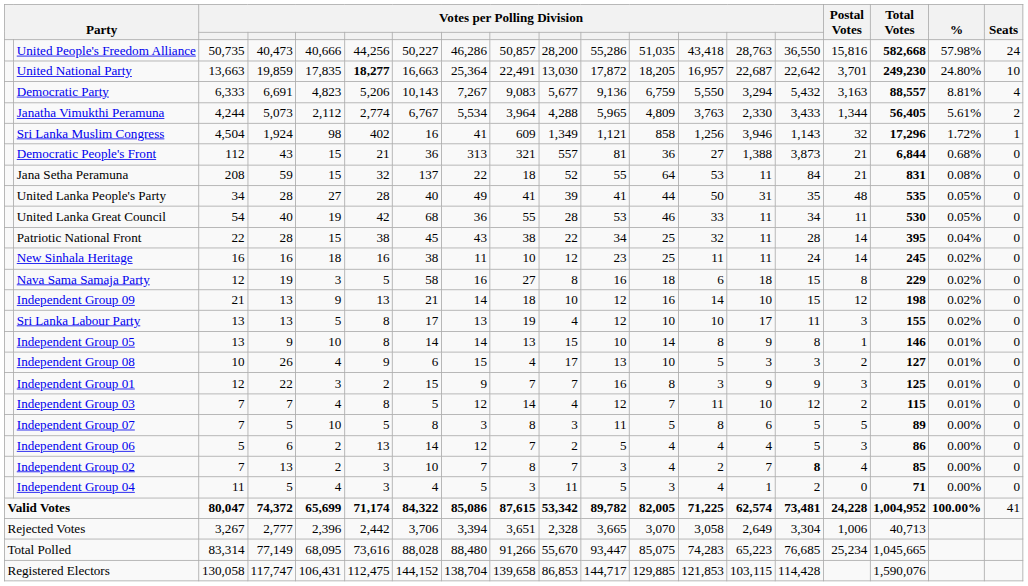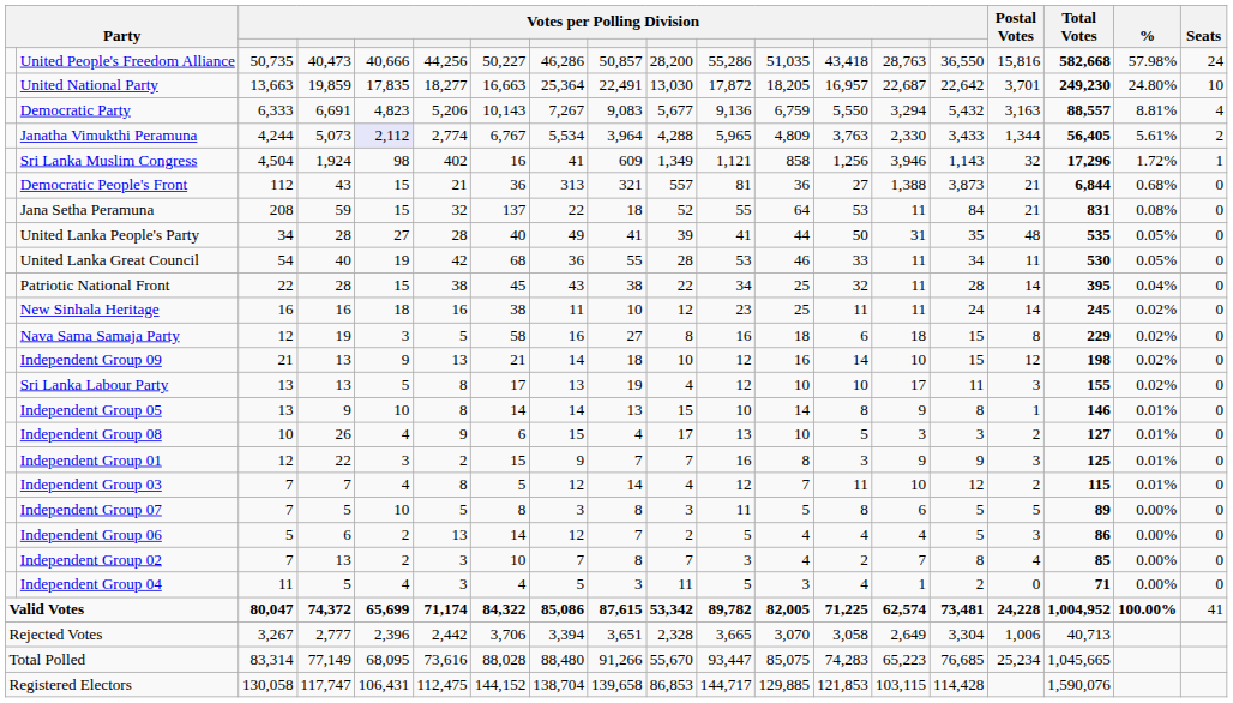 <table class="wikitable" border="1" style="text-align:right;">
 <tr>
 <th align=left valign=bottom rowspan=2 colspan=2>Party</th>
 <th colspan=13>Votes per Polling Division</th>
 <th align=center valign=bottom rowspan=2 width="50">Postal<br>Votes</th>
 <th align=center valign=bottom rowspan=2 width="50">Total Votes</th>
 <th align=center valign=bottom rowspan=2 width="50">%</th>
 <th align=center valign=bottom rowspan=2 width="40">Seats</th>
 </tr>
 <tr>
 <th></th>
 <th></th>
 <th></th>
 <th></th>
 <th></th>
 <th></th>
 <th></th>
 <th></th>
 <th></th>
 <th></th>
 <th></th>
 <th></th>
 <th></th>
 </tr>
 <tr>
 <td bgcolor=> </td>
 <td align=left><a href='#'>United People's Freedom Alliance</a></td>
 <td>50,735</td>
 <td>40,473</td>
 <td>40,666</td>
 <td>44,256</td>
 <td>50,227</td>
 <td>46,286</td>
 <td>50,857</td>
 <td>28,200</td>
 <td>55,286</td>
 <td>51,035</td>
 <td>43,418</td>
 <td>28,763</td>
 <td>36,550</td>
 <td>15,816</td>
 <td><strong>582,668</strong></td>
 <td>57.98%</td>
 <td>24</td>
 </tr>
 <tr>
 <td bgcolor=> </td>
 <td align=left><a href='#'>United National Party</a></td>
 <td>13,663</td>
 <td>19,859</td>
 <td>17,835</td>
-<td><strong>18,277</strong></td>
+<td>18,277</td>
 <td>16,663</td>
 <td>25,364</td>
 <td>22,491</td>
 <td>13,030</td>
 <td>17,872</td>
 <td>18,205</td>
 <td>16,957</td>
 <td>22,687</td>
 <td>22,642</td>
 <td>3,701</td>
 <td><strong>249,230</strong></td>
 <td>24.80%</td>
 <td>10</td>
 </tr>
 <tr>
 <td bgcolor=> </td>
 <td align=left><a href='#'>Democratic Party</a></td>
 <td>6,333</td>
 <td>6,691</td>
 <td>4,823</td>
 <td>5,206</td>
 <td>10,143</td>
 <td>7,267</td>
 <td>9,083</td>
 <td>5,677</td>
 <td>9,136</td>
 <td>6,759</td>
 <td>5,550</td>
 <td>3,294</td>
 <td>5,432</td>
 <td>3,163</td>
 <td><strong>88,557</strong></td>
 <td>8.81%</td>
 <td>4</td>
 </tr>
 <tr>
 <td bgcolor=> </td>
 <td align=left><a href='#'>Janatha Vimukthi Peramuna</a></td>
 <td>4,244</td>
 <td>5,073</td>
-<td>2,112</td>
+<td style="background: lavender;">2,112</td>
 <td>2,774</td>
 <td>6,767</td>
 <td>5,534</td>
 <td>3,964</td>
 <td>4,288</td>
 <td>5,965</td>
 <td>4,809</td>
 <td>3,763</td>
 <td>2,330</td>
 <td>3,433</td>
 <td>1,344</td>
 <td><strong>56,405</strong></td>
 <td>5.61%</td>
 <td>2</td>
 </tr>
 <tr>
 <td bgcolor=> </td>
 <td align=left><a href='#'>Sri Lanka Muslim Congress</a></td>
 <td>4,504</td>
 <td>1,924</td>
 <td>98</td>
 <td>402</td>
 <td>16</td>
 <td>41</td>
 <td>609</td>
 <td>1,349</td>
 <td>1,121</td>
 <td>858</td>
 <td>1,256</td>
 <td>3,946</td>
 <td>1,143</td>
 <td>32</td>
 <td><strong>17,296</strong></td>
 <td>1.72%</td>
 <td>1</td>
 </tr>
 <tr>
 <td bgcolor=> </td>
 <td align=left><a href='#'>Democratic People's Front</a></td>
 <td>112</td>
 <td>43</td>
 <td>15</td>
 <td>21</td>
 <td>36</td>
 <td>313</td>
 <td>321</td>
 <td>557</td>
 <td>81</td>
 <td>36</td>
 <td>27</td>
 <td>1,388</td>
 <td>3,873</td>
 <td>21</td>
 <td><strong>6,844</strong></td>
 <td>0.68%</td>
 <td>0</td>
 </tr>
 <tr>
 <td bgcolor=> </td>
 <td align=left>Jana Setha Peramuna</td>
 <td>208</td>
 <td>59</td>
 <td>15</td>
 <td>32</td>
 <td>137</td>
 <td>22</td>
 <td>18</td>
 <td>52</td>
 <td>55</td>
 <td>64</td>
 <td>53</td>
 <td>11</td>
 <td>84</td>
 <td>21</td>
 <td><strong>831</strong></td>
 <td>0.08%</td>
 <td>0</td>
 </tr>
 <tr>
 <td bgcolor=> </td>
 <td align=left>United Lanka People's Party</td>
 <td>34</td>
 <td>28</td>
 <td>27</td>
 <td>28</td>
 <td>40</td>
 <td>49</td>
 <td>41</td>
 <td>39</td>
 <td>41</td>
 <td>44</td>
 <td>50</td>
 <td>31</td>
 <td>35</td>
 <td>48</td>
 <td><strong>535</strong></td>
 <td>0.05%</td>
 <td>0</td>
 </tr>
 <tr>
 <td bgcolor=> </td>
 <td align=left>United Lanka Great Council</td>
 <td>54</td>
 <td>40</td>
 <td>19</td>
 <td>42</td>
 <td>68</td>
 <td>36</td>
 <td>55</td>
 <td>28</td>
 <td>53</td>
 <td>46</td>
 <td>33</td>
 <td>11</td>
 <td>34</td>
 <td>11</td>
 <td><strong>530</strong></td>
 <td>0.05%</td>
 <td>0</td>
 </tr>
 <tr>
 <td bgcolor=> </td>
 <td align=left>Patriotic National Front</td>
 <td>22</td>
 <td>28</td>
 <td>15</td>
 <td>38</td>
 <td>45</td>
 <td>43</td>
 <td>38</td>
 <td>22</td>
 <td>34</td>
 <td>25</td>
 <td>32</td>
 <td>11</td>
 <td>28</td>
 <td>14</td>
 <td><strong>395</strong></td>
 <td>0.04%</td>
 <td>0</td>
 </tr>
 <tr>
 <td bgcolor=> </td>
 <td align=left><a href='#'>New Sinhala Heritage</a></td>
 <td>16</td>
 <td>16</td>
 <td>18</td>
 <td>16</td>
 <td>38</td>
 <td>11</td>
 <td>10</td>
 <td>12</td>
 <td>23</td>
 <td>25</td>
 <td>11</td>
 <td>11</td>
 <td>24</td>
 <td>14</td>
 <td><strong>245</strong></td>
 <td>0.02%</td>
 <td>0</td>
 </tr>
 <tr>
 <td bgcolor=> </td>
 <td align=left><a href='#'>Nava Sama Samaja Party</a></td>
 <td>12</td>
 <td>19</td>
 <td>3</td>
 <td>5</td>
 <td>58</td>
 <td>16</td>
 <td>27</td>
 <td>8</td>
 <td>16</td>
 <td>18</td>
 <td>6</td>
 <td>18</td>
 <td>15</td>
 <td>8</td>
 <td><strong>229</strong></td>
 <td>0.02%</td>
 <td>0</td>
 </tr>
 <tr>
 <td bgcolor=> </td>
 <td align=left><a href='#'>Independent Group 09</a></td>
 <td>21</td>
 <td>13</td>
 <td>9</td>
 <td>13</td>
 <td>21</td>
 <td>14</td>
 <td>18</td>
 <td>10</td>
 <td>12</td>
 <td>16</td>
 <td>14</td>
 <td>10</td>
 <td>15</td>
 <td>12</td>
 <td><strong>198</strong></td>
 <td>0.02%</td>
 <td>0</td>
 </tr>
 <tr>
 <td bgcolor=> </td>
 <td align=left><a href='#'>Sri Lanka Labour Party</a></td>
 <td>13</td>
 <td>13</td>
 <td>5</td>
 <td>8</td>
 <td>17</td>
 <td>13</td>
 <td>19</td>
 <td>4</td>
 <td>12</td>
 <td>10</td>
 <td>10</td>
 <td>17</td>
 <td>11</td>
 <td>3</td>
 <td><strong>155</strong></td>
 <td>0.02%</td>
 <td>0</td>
 </tr>
 <tr>
 <td bgcolor=> </td>
 <td align=left><a href='#'>Independent Group 05</a></td>
 <td>13</td>
 <td>9</td>
 <td>10</td>
 <td>8</td>
 <td>14</td>
 <td>14</td>
 <td>13</td>
 <td>15</td>
 <td>10</td>
 <td>14</td>
 <td>8</td>
 <td>9</td>
 <td>8</td>
 <td>1</td>
 <td><strong>146</strong></td>
 <td>0.01%</td>
 <td>0</td>
 </tr>
 <tr>
 <td bgcolor=> </td>
 <td align=left><a href='#'>Independent Group 08</a></td>
 <td>10</td>
 <td>26</td>
 <td>4</td>
 <td>9</td>
 <td>6</td>
 <td>15</td>
 <td>4</td>
 <td>17</td>
 <td>13</td>
 <td>10</td>
 <td>5</td>
 <td>3</td>
 <td>3</td>
 <td>2</td>
 <td><strong>127</strong></td>
 <td>0.01%</td>
 <td>0</td>
 </tr>
 <tr>
 <td bgcolor=> </td>
 <td align=left><a href='#'>Independent Group 01</a></td>
 <td>12</td>
 <td>22</td>
 <td>3</td>
 <td>2</td>
 <td>15</td>
 <td>9</td>
 <td>7</td>
 <td>7</td>
 <td>16</td>
 <td>8</td>
 <td>3</td>
 <td>9</td>
 <td>9</td>
 <td>3</td>
 <td><strong>125</strong></td>
 <td>0.01%</td>
 <td>0</td>
 </tr>
 <tr>
 <td bgcolor=> </td>
 <td align=left><a href='#'>Independent Group 03</a></td>
 <td>7</td>
 <td>7</td>
 <td>4</td>
 <td>8</td>
 <td>5</td>
 <td>12</td>
 <td>14</td>
 <td>4</td>
 <td>12</td>
 <td>7</td>
 <td>11</td>
 <td>10</td>
 <td>12</td>
 <td>2</td>
 <td><strong>115</strong></td>
 <td>0.01%</td>
 <td>0</td>
 </tr>
 <tr>
 <td bgcolor=> </td>
 <td align=left><a href='#'>Independent Group 07</a></td>
 <td>7</td>
 <td>5</td>
 <td>10</td>
 <td>5</td>
 <td>8</td>
 <td>3</td>
 <td>8</td>
 <td>3</td>
 <td>11</td>
 <td>5</td>
 <td>8</td>
 <td>6</td>
 <td>5</td>
 <td>5</td>
 <td><strong>89</strong></td>
 <td>0.00%</td>
 <td>0</td>
 </tr>
 <tr>
 <td bgcolor=> </td>
 <td align=left><a href='#'>Independent Group 06</a></td>
 <td>5</td>
 <td>6</td>
 <td>2</td>
 <td>13</td>
 <td>14</td>
 <td>12</td>
 <td>7</td>
 <td>2</td>
 <td>5</td>
 <td>4</td>
 <td>4</td>
 <td>4</td>
 <td>5</td>
 <td>3</td>
 <td><strong>86</strong></td>
 <td>0.00%</td>
 <td>0</td>
 </tr>
 <tr>
 <td bgcolor=> </td>
 <td align=left><a href='#'>Independent Group 02</a></td>
 <td>7</td>
 <td>13</td>
 <td>2</td>
 <td>3</td>
 <td>10</td>
 <td>7</td>
 <td>8</td>
 <td>7</td>
 <td>3</td>
 <td>4</td>
 <td>2</td>
 <td>7</td>
-<td><strong>8</strong></td>
+<td>8</td>
 <td>4</td>
 <td><strong>85</strong></td>
 <td>0.00%</td>
 <td>0</td>
 </tr>
 <tr>
 <td bgcolor=> </td>
 <td align=left><a href='#'>Independent Group 04</a></td>
 <td>11</td>
 <td>5</td>
 <td>4</td>
 <td>3</td>
 <td>4</td>
 <td>5</td>
 <td>3</td>
 <td>11</td>
 <td>5</td>
 <td>3</td>
 <td>4</td>
 <td>1</td>
 <td>2</td>
 <td>0</td>
 <td><strong>71</strong></td>
 <td>0.00%</td>
 <td>0</td>
 </tr>
 <tr>
 <td align=left colspan=2><strong>Valid Votes</strong></td>
 <td><strong>80,047</strong></td>
 <td><strong>74,372</strong></td>
 <td><strong>65,699</strong></td>
 <td><strong>71,174</strong></td>
 <td><strong>84,322</strong></td>
 <td><strong>85,086</strong></td>
 <td><strong>87,615</strong></td>
 <td><strong>53,342</strong></td>
 <td><strong>89,782</strong></td>
 <td><strong>82,005</strong></td>
 <td><strong>71,225</strong></td>
 <td><strong>62,574</strong></td>
 <td><strong>73,481</strong></td>
 <td><strong>24,228</strong></td>
 <td><strong>1,004,952</strong></td>
 <td><strong>100.00%</strong></td>
 <td>41</td>
 </tr>
 <tr>
 <td align=left colspan=2>Rejected Votes</td>
 <td>3,267</td>
 <td>2,777</td>
 <td>2,396</td>
 <td>2,442</td>
 <td>3,706</td>
 <td>3,394</td>
 <td>3,651</td>
 <td>2,328</td>
 <td>3,665</td>
 <td>3,070</td>
 <td>3,058</td>
 <td>2,649</td>
 <td>3,304</td>
 <td>1,006</td>
 <td>40,713</td>
 <td></td>
 <td></td>
 </tr>
 <tr>
 <td align=left colspan=2>Total Polled</td>
 <td>83,314</td>
 <td>77,149</td>
 <td>68,095</td>
 <td>73,616</td>
 <td>88,028</td>
 <td>88,480</td>
 <td>91,266</td>
 <td>55,670</td>
 <td>93,447</td>
 <td>85,075</td>
 <td>74,283</td>
 <td>65,223</td>
 <td>76,685</td>
 <td>25,234</td>
 <td>1,045,665</td>
 <td></td>
 <td></td>
 </tr>
 <tr>
 <td align=left colspan=2>Registered Electors</td>
 <td>130,058</td>
 <td>117,747</td>
 <td>106,431</td>
 <td>112,475</td>
 <td>144,152</td>
 <td>138,704</td>
 <td>139,658</td>
 <td>86,853</td>
 <td>144,717</td>
 <td>129,885</td>
 <td>121,853</td>
 <td>103,115</td>
 <td>114,428</td>
 <td></td>
 <td>1,590,076</td>
 <td></td>
 <td></td>
 </tr>
 </table>
